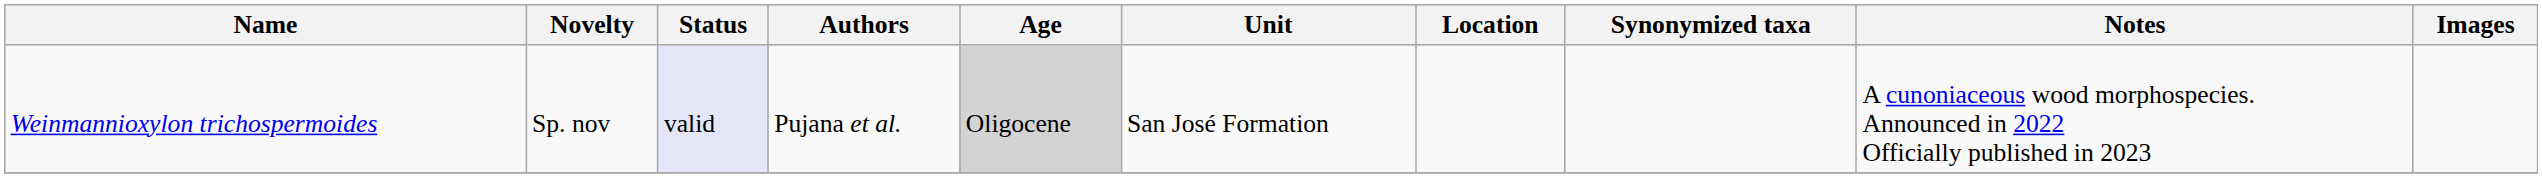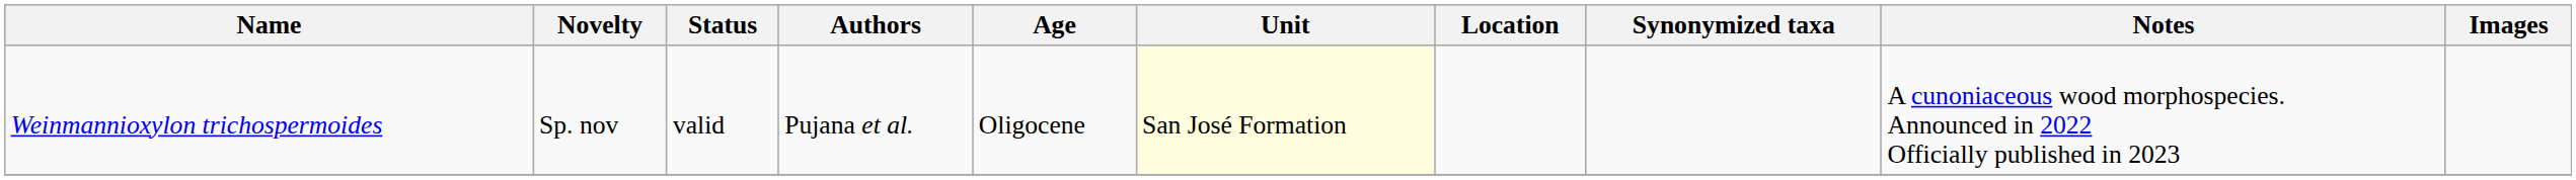 <table class="wikitable sortable" align="center" width="100%">
 <tr>
 <th>Name</th>
 <th>Novelty</th>
 <th>Status</th>
 <th>Authors</th>
 <th>Age</th>
 <th>Unit</th>
 <th>Location</th>
 <th>Synonymized taxa</th>
 <th>Notes</th>
 <th>Images</th>
 </tr>
 <tr>
 <td><br><em><a href='#'>Weinmannioxylon trichospermoides</a></em></td>
 <td><br>Sp. nov</td>
-<td style="background: lavender;"><br>valid</td>
+<td><br>valid</td>
 <td><br>Pujana <em>et al.</em></td>
-<td style="background: lightgrey;"><br>Oligocene</td>
-<td><br>San José Formation</td>
+<td><br>Oligocene</td>
+<td style="background: lightyellow;"><br>San José Formation</td>
 <td><br></td>
 <td></td>
 <td><br>A <a href='#'>cunoniaceous</a> wood morphospecies.<br> Announced in <a href='#'>2022</a><br>Officially published in 2023</td>
 <td></td>
 </tr>
 <tr>
 </tr>
 </table>
